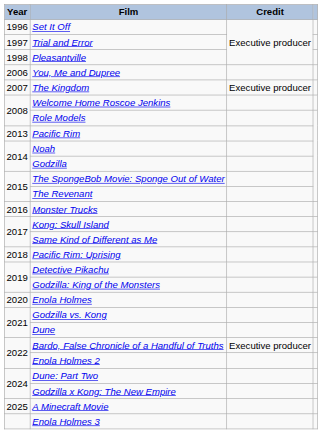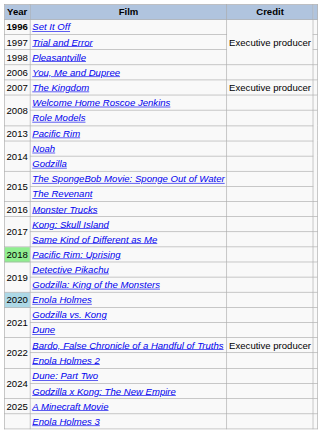 <table class="wikitable" style="font-size:95%;">
 <tr>
 <th style="background:#B0C4DE;">Year</th>
 <th style="background:#B0C4DE;">Film</th>
 <th style="background:#B0C4DE;">Credit</th>
 <th style="background:#B0C4DE;"></th>
 </tr>
 <tr>
-<td>1996</td>
+<td><strong>1996</strong></td>
 <td><em><a href='#'>Set It Off</a></em></td>
 <td rowspan=3>Executive producer</td>
 <td></td>
 </tr>
 <tr>
 <td>1997</td>
 <td><em><a href='#'>Trial and Error</a></em></td>
 <td></td>
 </tr>
 <tr>
 <td>1998</td>
 <td><em><a href='#'>Pleasantville</a></em></td>
 <td></td>
 </tr>
 <tr>
 <td>2006</td>
 <td><em><a href='#'>You, Me and Dupree</a></em></td>
 <td></td>
 <td></td>
 </tr>
 <tr>
 <td>2007</td>
 <td><em><a href='#'>The Kingdom</a></em></td>
 <td>Executive producer</td>
 <td></td>
 </tr>
 <tr>
 <td rowspan=2>2008</td>
 <td><em><a href='#'>Welcome Home Roscoe Jenkins</a></em></td>
 <td></td>
 <td></td>
 </tr>
 <tr>
 <td><em><a href='#'>Role Models</a></em></td>
 <td></td>
 <td rowspan="6"></td>
 </tr>
 <tr>
 <td>2013</td>
 <td><em><a href='#'>Pacific Rim</a></em></td>
 <td></td>
 </tr>
 <tr>
 <td rowspan=2>2014</td>
 <td><em><a href='#'>Noah</a></em></td>
 <td></td>
 </tr>
 <tr>
 <td><em><a href='#'>Godzilla</a></em></td>
 <td></td>
 </tr>
 <tr>
 <td rowspan=2>2015</td>
 <td><em><a href='#'>The SpongeBob Movie: Sponge Out of Water</a></em></td>
 <td></td>
 </tr>
 <tr>
 <td><em><a href='#'>The Revenant</a></em></td>
 <td></td>
 </tr>
 <tr>
 <td>2016</td>
 <td><em><a href='#'>Monster Trucks</a></em></td>
 <td></td>
 <td></td>
 </tr>
 <tr>
 <td rowspan=2>2017</td>
 <td><em><a href='#'>Kong: Skull Island</a></em></td>
 <td></td>
 <td></td>
 </tr>
 <tr>
 <td><em><a href='#'>Same Kind of Different as Me</a></em></td>
 <td></td>
 <td></td>
 </tr>
 <tr>
-<td>2018</td>
+<td style="background: lightgreen;">2018</td>
 <td><em><a href='#'>Pacific Rim: Uprising</a></em></td>
 <td></td>
 <td></td>
 </tr>
 <tr>
 <td rowspan=2>2019</td>
 <td><em><a href='#'>Detective Pikachu</a></em></td>
 <td></td>
 <td></td>
 </tr>
 <tr>
 <td><em><a href='#'>Godzilla: King of the Monsters</a></em></td>
 <td></td>
 <td></td>
 </tr>
 <tr>
-<td>2020</td>
+<td style="background: lightblue;">2020</td>
 <td><em><a href='#'>Enola Holmes</a></em></td>
 <td></td>
 <td></td>
 </tr>
 <tr>
 <td rowspan=2>2021</td>
 <td><em><a href='#'>Godzilla vs. Kong</a></em></td>
 <td></td>
 <td></td>
 </tr>
 <tr>
 <td><em><a href='#'>Dune</a></em></td>
 <td></td>
 <td></td>
 </tr>
 <tr>
 <td rowspan=2>2022</td>
 <td><em><a href='#'>Bardo, False Chronicle of a Handful of Truths</a></em></td>
 <td>Executive producer</td>
 <td></td>
 </tr>
 <tr>
 <td><em><a href='#'>Enola Holmes 2</a></em></td>
 <td></td>
 <td></td>
 </tr>
 <tr>
 <td rowspan="2">2024</td>
 <td><em><a href='#'>Dune: Part Two</a></em></td>
 <td></td>
 <td></td>
 </tr>
 <tr>
 <td><em><a href='#'>Godzilla x Kong: The New Empire</a></em></td>
 <td></td>
 <td></td>
 </tr>
 <tr>
 <td>2025</td>
 <td><em><a href='#'>A Minecraft Movie</a></em></td>
 <td></td>
 <td></td>
 </tr>
 <tr>
 <td></td>
 <td><em><a href='#'>Enola Holmes 3</a></em></td>
 <td></td>
 <td></td>
 </tr>
 </table>
